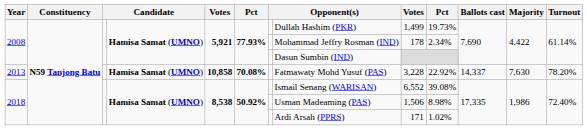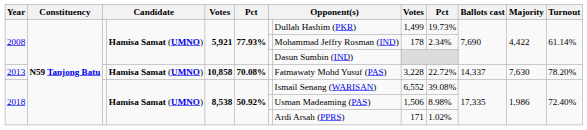 <table class="wikitable" style="margin:0.5em ; font-size:95%">
 <tr>
 <th>Year</th>
 <th>Constituency</th>
 <th colspan=2>Candidate</th>
 <th>Votes</th>
 <th>Pct</th>
 <th colspan=2>Opponent(s)</th>
 <th>Votes</th>
 <th>Pct</th>
 <th>Ballots cast</th>
 <th>Majority</th>
 <th>Turnout</th>
 </tr>
 <tr>
 <td rowspan=3><a href='#'>2008</a></td>
 <td rowspan=7><strong>N59 <a href='#'>Tanjong Batu</a></strong></td>
 <td rowspan=3 ></td>
 <td rowspan=3><strong>Hamisa Samat</strong> (<a href='#'><strong>UMNO</strong></a>)</td>
 <td rowspan=3 align="right"><strong>5,921</strong></td>
 <td rowspan=3><strong>77.93%</strong></td>
 <td></td>
 <td>Dullah Hashim (<a href='#'>PKR</a>)</td>
 <td align="right">1,499</td>
 <td>19.73%</td>
 <td rowspan=3>7,690</td>
 <td rowspan=3>4,422</td>
 <td rowspan=3>61.14%</td>
 </tr>
 <tr>
 <td></td>
 <td>Mohammad Jeffry Rosman (<a href='#'>IND</a>)</td>
 <td align="right">178</td>
 <td>2.34%</td>
 </tr>
 <tr>
 <td></td>
 <td>Dasun Sumbin (<a href='#'>IND</a>)</td>
 <td colspan="2" bgcolor="dcdcdc"></td>
 </tr>
 <tr>
 <td rowspan=1><a href='#'>2013</a></td>
 <td rowspan=1 ></td>
 <td rowspan=1><strong>Hamisa Samat</strong> (<a href='#'><strong>UMNO</strong></a>)</td>
 <td rowspan=1 align="right"><strong>10,858</strong></td>
 <td rowspan=1><strong>70.08%</strong></td>
 <td></td>
 <td>Fatmawaty Mohd Yusuf (<a href='#'>PAS</a>)</td>
 <td align="right">3,228</td>
-<td>22.92%</td>
+<td>22.72%</td>
 <td rowspan=1>14,337</td>
 <td rowspan=1>7,630</td>
 <td rowspan=1>78.20%</td>
 </tr>
 <tr>
 <td rowspan=3><a href='#'>2018</a></td>
 <td rowspan=3 ></td>
 <td rowspan=3><strong>Hamisa Samat</strong> (<a href='#'><strong>UMNO</strong></a>)</td>
 <td rowspan=3 align="right"><strong>8,538</strong></td>
 <td rowspan=3><strong>50.92%</strong></td>
 <td></td>
 <td>Ismail Senang (<a href='#'>WARISAN</a>)</td>
 <td align="right">6,552</td>
 <td>39.08%</td>
 <td rowspan=3>17,335</td>
 <td rowspan=3>1,986</td>
 <td rowspan=3>72.40%</td>
 </tr>
 <tr>
 <td></td>
 <td>Usman Madeaming (<a href='#'>PAS</a>)</td>
 <td align="right">1,506</td>
 <td>8.98%</td>
 </tr>
 <tr>
 <td></td>
 <td>Ardi Arsah (<a href='#'>PPRS</a>)</td>
 <td align="right">171</td>
 <td>1.02%</td>
 </tr>
 </table>
